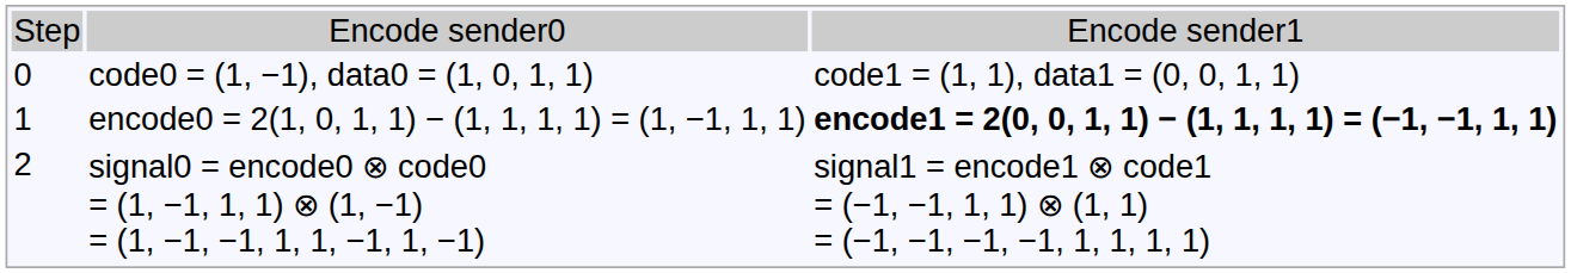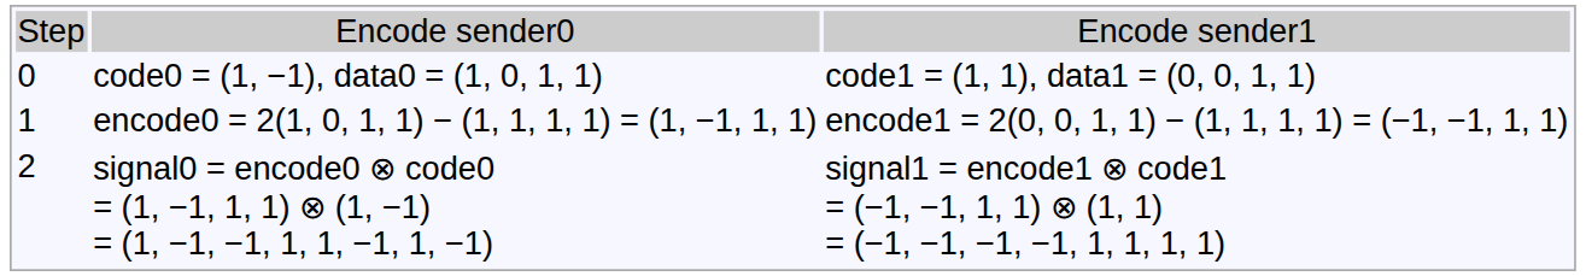 <table style="border: 1px #aaaaaa solid; background-color: #f7f8ff; margin-left: auto; margin-right: auto;">
 <tr>
 <td align=center bgcolor="#CCCCCC">Step</td>
 <td align=center bgcolor="#CCCCCC">Encode sender0</td>
 <td align=center bgcolor="#CCCCCC">Encode sender1</td>
 </tr>
 <tr>
 <td valign=top>0</td>
 <td>code0 = (1, −1), data0 = (1, 0, 1, 1)</td>
 <td>code1 = (1, 1), data1 = (0, 0, 1, 1)</td>
 </tr>
 <tr>
 <td valign=top>1</td>
 <td>encode0 = 2(1, 0, 1, 1) − (1, 1, 1, 1) = (1, −1, 1, 1)</td>
-<td><strong>encode1 = 2(0, 0, 1, 1) − (1, 1, 1, 1) = (−1, −1, 1, 1)</strong></td>
+<td>encode1 = 2(0, 0, 1, 1) − (1, 1, 1, 1) = (−1, −1, 1, 1)</td>
 </tr>
 <tr>
 <td valign=top>2</td>
 <td>signal0 = encode0 ⊗ code0<br>= (1, −1, 1, 1) ⊗ (1, −1)<br>= (1, −1, −1, 1, 1, −1, 1, −1)</td>
 <td>signal1 = encode1 ⊗ code1<br>= (−1, −1, 1, 1) ⊗ (1, 1)<br>= (−1, −1, −1, −1, 1, 1, 1, 1)</td>
 </tr>
 </table>
